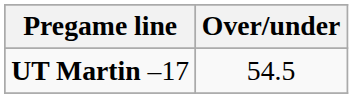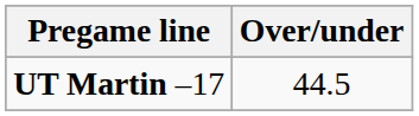 <table class="wikitable">
 <tr align="center">
 <th>Pregame line</th>
 <th>Over/under</th>
 </tr>
 <tr align="center">
 <td><strong>UT Martin</strong> –17</td>
-<td>54.5</td>
+<td>44.5</td>
 </tr>
 </table>
